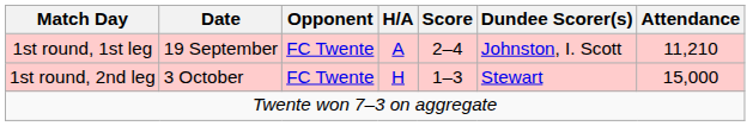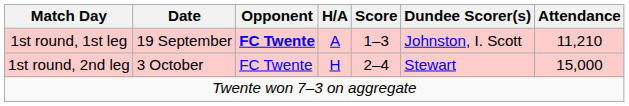 <table class="wikitable" style="text-align:center">
 <tr>
 <th>Match Day</th>
 <th>Date</th>
 <th>Opponent</th>
 <th>H/A</th>
 <th>Score</th>
 <th>Dundee Scorer(s)</th>
 <th>Attendance</th>
 </tr>
 <tr bgcolor="#FFCCCC">
 <td>1st round, 1st leg</td>
 <td align="left">19 September</td>
-<td align="left"> <a href='#'>FC Twente</a></td>
+<td align="left"><strong> <a href='#'>FC Twente</a></strong></td>
 <td><a href='#'>A</a></td>
-<td>2–4</td>
+<td>1–3</td>
 <td align="left"><a href='#'>Johnston</a>, I. Scott</td>
 <td>11,210</td>
 </tr>
 <tr bgcolor="#FFCCCC">
 <td>1st round, 2nd leg</td>
 <td align="left">3 October</td>
 <td align="left"> <a href='#'>FC Twente</a></td>
 <td><a href='#'>H</a></td>
-<td>1–3</td>
+<td>2–4</td>
 <td align="left"><a href='#'>Stewart</a></td>
 <td>15,000</td>
 </tr>
 <tr>
 <td colspan="7"><em>Twente won 7–3 on aggregate</em></td>
 </tr>
 </table>
